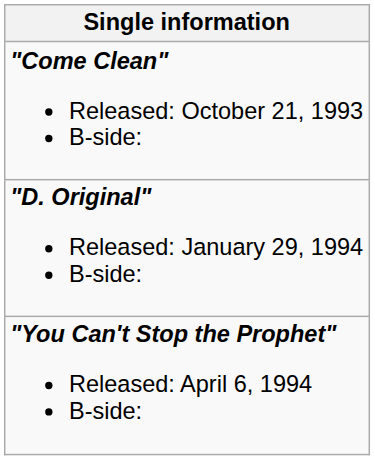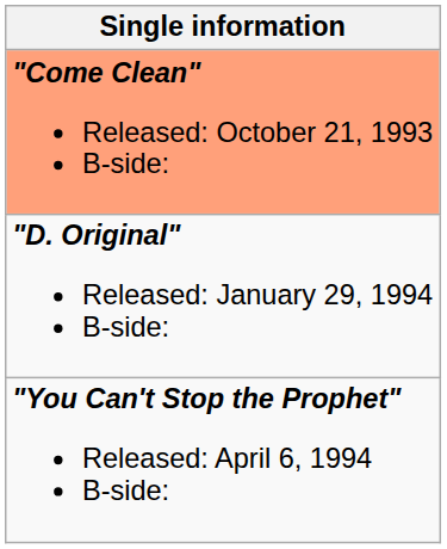 <table class="wikitable">
 <tr>
 <th>Single information</th>
 </tr>
 <tr>
-<td><strong><em>"Come Clean"</em></strong><br><ul><li>Released: October 21, 1993</li><li>B-side:</li></ul></td>
+<td style="background: lightsalmon;"><strong><em>"Come Clean"</em></strong><br><ul><li>Released: October 21, 1993</li><li>B-side:</li></ul></td>
 </tr>
 <tr>
 <td><strong><em>"D. Original"</em></strong><br><ul><li>Released: January 29, 1994</li><li>B-side:</li></ul></td>
 </tr>
 <tr>
 <td><strong><em>"You Can't Stop the Prophet"</em></strong><br><ul><li>Released: April 6, 1994</li><li>B-side:</li></ul></td>
 </tr>
 </table>
